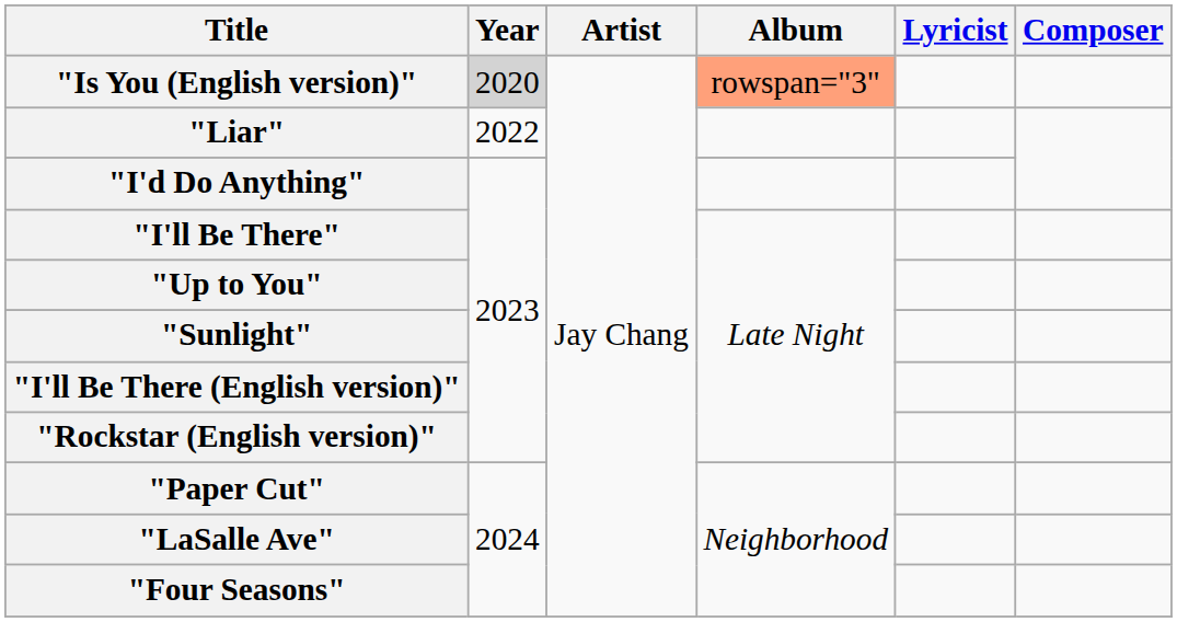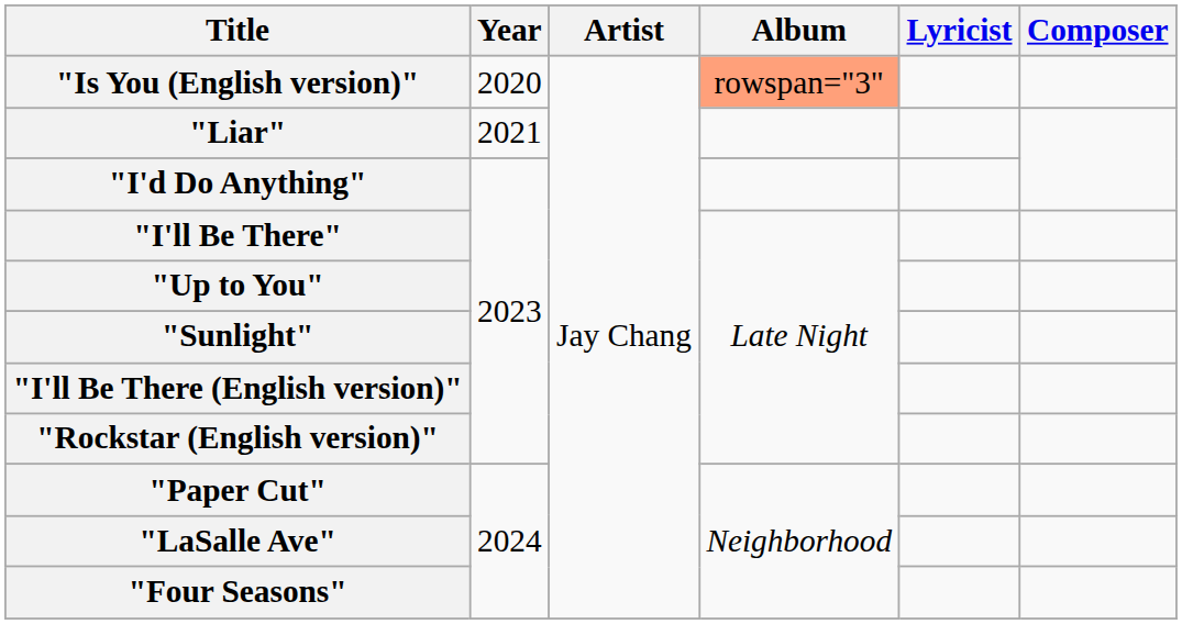 <table class="wikitable plainrowheaders sortable" style="text-align:center">
 <tr>
 <th scope="col">Title</th>
 <th scope="col">Year</th>
 <th scope="col">Artist</th>
 <th scope="col">Album</th>
 <th scope="col"><a href='#'>Lyricist</a></th>
 <th scope="col"><a href='#'>Composer</a></th>
 </tr>
 <tr>
 <th scope="row">"Is You (English version)"</th>
-<td style="background: lightgrey;">2020</td>
+<td>2020</td>
 <td rowspan="11">Jay Chang</td>
 <td style="background: lightsalmon;">rowspan="3" </td>
 <td></td>
 <td></td>
 </tr>
 <tr>
 <th scope="row">"Liar"</th>
-<td>2022</td>
+<td>2021</td>
 <td></td>
 <td></td>
 </tr>
 <tr>
 <th scope="row">"I'd Do Anything"</th>
 <td rowspan="6">2023</td>
 <td></td>
 <td></td>
 </tr>
 <tr>
 <th scope="row">"I'll Be There"</th>
 <td rowspan="5"><em>Late Night</em></td>
 <td></td>
 <td></td>
 </tr>
 <tr>
 <th scope="row">"Up to You"</th>
 <td></td>
 <td></td>
 </tr>
 <tr>
 <th scope="row">"Sunlight"</th>
 <td></td>
 <td></td>
 </tr>
 <tr>
 <th scope="row">"I'll Be There (English version)"</th>
 <td></td>
 <td></td>
 </tr>
 <tr>
 <th scope="row">"Rockstar (English version)"</th>
 <td></td>
 <td></td>
 </tr>
 <tr>
 <th scope="row">"Paper Cut"</th>
 <td rowspan="3">2024</td>
 <td rowspan="3"><em>Neighborhood</em></td>
 <td></td>
 <td></td>
 </tr>
 <tr>
 <th scope="row">"LaSalle Ave"</th>
 <td></td>
 <td></td>
 </tr>
 <tr>
 <th scope="row">"Four Seasons"</th>
 <td></td>
 <td></td>
 </tr>
 </table>
